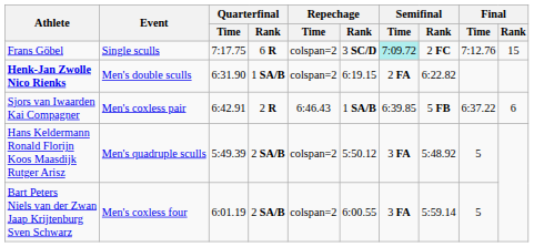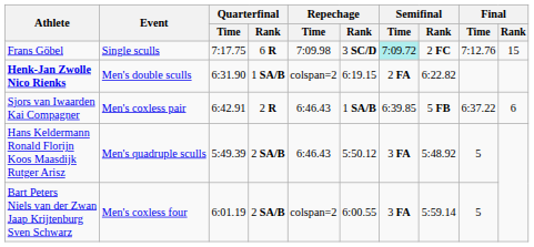 <table class="wikitable" style="font-size:90%">
 <tr>
 <th rowspan="2">Athlete</th>
 <th rowspan="2">Event</th>
 <th colspan="2">Quarterfinal</th>
 <th colspan="2">Repechage</th>
 <th colspan="2">Semifinal</th>
 <th colspan="2">Final</th>
 </tr>
 <tr style="font-size:95%">
 <th>Time</th>
 <th>Rank</th>
 <th>Time</th>
 <th>Rank</th>
 <th>Time</th>
 <th>Rank</th>
 <th>Time</th>
 <th>Rank</th>
 </tr>
 <tr align=center>
 <td align=left><a href='#'>Frans Göbel</a></td>
 <td align=left><a href='#'>Single sculls</a></td>
 <td>7:17.75</td>
 <td>6 <strong>R</strong></td>
-<td>colspan=2 </td>
+<td>7:09.98</td>
 <td>3 <strong>SC/D</strong></td>
 <td style="background: paleturquoise;">7:09.72</td>
 <td>2 <strong>FC</strong></td>
 <td>7:12.76</td>
 <td>15</td>
 </tr>
 <tr align=center>
 <td align=left><strong><a href='#'>Henk-Jan Zwolle</a><br><a href='#'>Nico Rienks</a></strong></td>
 <td align=left><a href='#'>Men's double sculls</a></td>
 <td>6:31.90</td>
 <td>1 <strong>SA/B</strong></td>
 <td>colspan=2 </td>
 <td>6:19.15</td>
 <td>2 <strong>FA</strong></td>
 <td>6:22.82</td>
 <td></td>
 </tr>
 <tr align=center>
 <td align=left><a href='#'>Sjors van Iwaarden</a><br><a href='#'>Kai Compagner</a></td>
 <td align=left><a href='#'>Men's coxless pair</a></td>
 <td>6:42.91</td>
 <td>2 <strong>R</strong></td>
 <td>6:46.43</td>
 <td>1 <strong>SA/B</strong></td>
 <td>6:39.85</td>
 <td>5 <strong>FB</strong></td>
 <td>6:37.22</td>
 <td>6</td>
 </tr>
 <tr align=center>
 <td align=left><a href='#'>Hans Keldermann</a><br><a href='#'>Ronald Florijn</a><br><a href='#'>Koos Maasdijk</a><br><a href='#'>Rutger Arisz</a></td>
 <td align=left><a href='#'>Men's quadruple sculls</a></td>
 <td>5:49.39</td>
 <td>2 <strong>SA/B</strong></td>
-<td>colspan=2 </td>
+<td>6:46.43</td>
 <td>5:50.12</td>
 <td>3 <strong>FA</strong></td>
 <td>5:48.92</td>
 <td>5</td>
 </tr>
 <tr align=center>
 <td align=left><a href='#'>Bart Peters</a><br><a href='#'>Niels van der Zwan</a><br><a href='#'>Jaap Krijtenburg</a><br><a href='#'>Sven Schwarz</a></td>
 <td align=left><a href='#'>Men's coxless four</a></td>
 <td>6:01.19</td>
 <td>2 <strong>SA/B</strong></td>
 <td>colspan=2 </td>
 <td>6:00.55</td>
 <td>3 <strong>FA</strong></td>
 <td>5:59.14</td>
 <td>5</td>
 </tr>
 </table>
